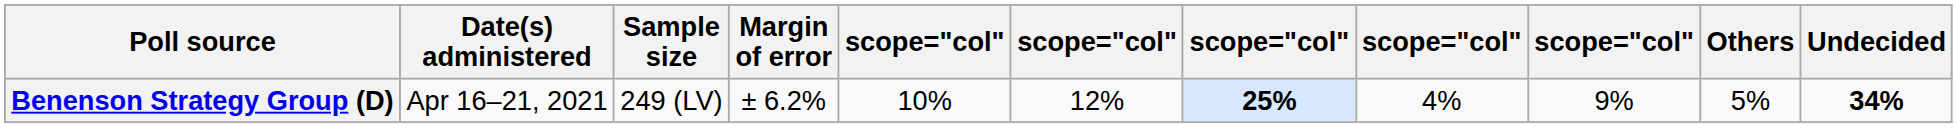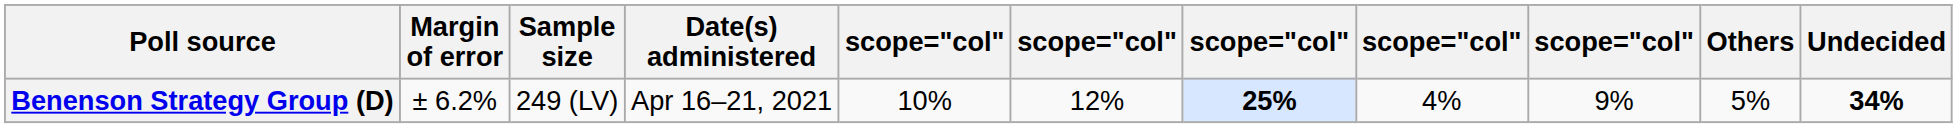 <table class="wikitable plainrowheaders" style="text-align:center; font-size:90%;">
 <tr>
 <th scope="col">Poll source</th>
+<th scope="col">Margin<br>of error</th>
+<th scope="col">Sample<br>size</th>
 <th scope="col">Date(s)<br>administered</th>
-<th scope="col">Sample<br>size</th>
-<th scope="col">Margin<br>of error</th>
 <th>scope="col" </th>
 <th>scope="col" </th>
 <th>scope="col" </th>
 <th>scope="col" </th>
 <th>scope="col" </th>
 <th scope="col">Others</th>
 <th scope="col">Undecided</th>
 </tr>
 <tr>
 <th scope="row"><a href='#'>Benenson Strategy Group</a> (D)</th>
+<td>± 6.2%</td>
+<td>249 (LV)</td>
 <td>Apr 16–21, 2021</td>
-<td>249 (LV)</td>
-<td>± 6.2%</td>
 <td>10%</td>
 <td>12%</td>
 <td style="background:#d7e7ff"><strong>25%</strong></td>
 <td>4%</td>
 <td>9%</td>
 <td>5%</td>
 <td><strong>34%</strong></td>
 </tr>
 </table>
